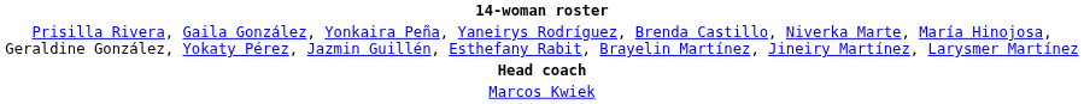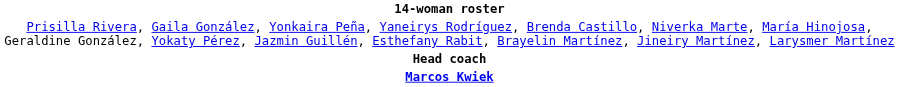 <table style="text-align: center; margin-top: 2em; margin-left: auto; margin-right: auto;">
 <tr>
 <th>14-woman roster</th>
 </tr>
 <tr>
 <td><a href='#'>Prisilla Rivera</a>, <a href='#'>Gaila González</a>, <a href='#'>Yonkaira Peña</a>, <a href='#'>Yaneirys Rodríguez</a>, <a href='#'>Brenda Castillo</a>, <a href='#'>Niverka Marte</a>, <a href='#'>María Hinojosa</a>,<br> Geraldine González, <a href='#'>Yokaty Pérez</a>, <a href='#'>Jazmin Guillén</a>, <a href='#'>Esthefany Rabit</a>, <a href='#'>Brayelin Martínez</a>, <a href='#'>Jineiry Martínez</a>, <a href='#'>Larysmer Martínez</a></td>
 </tr>
 <tr>
 <td><strong>Head coach</strong></td>
 </tr>
 <tr>
-<td><a href='#'>Marcos Kwiek</a></td>
+<td><strong><a href='#'>Marcos Kwiek</a></strong></td>
 </tr>
 </table>
